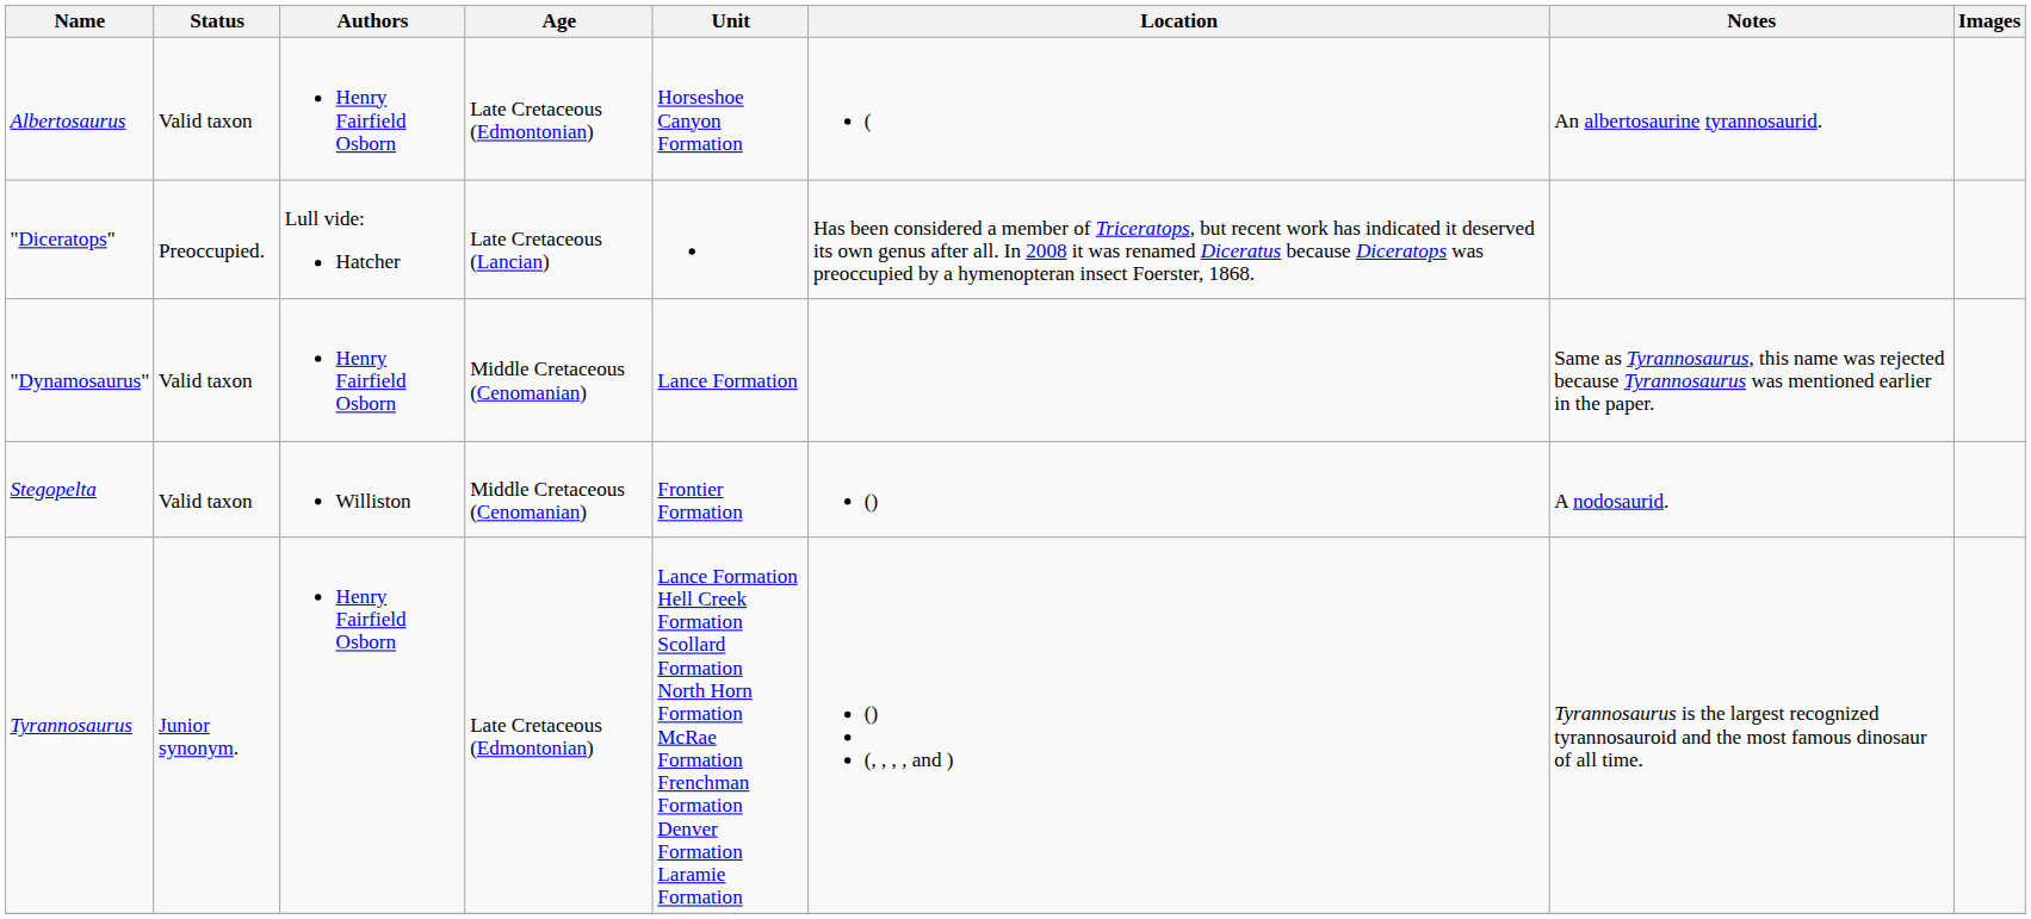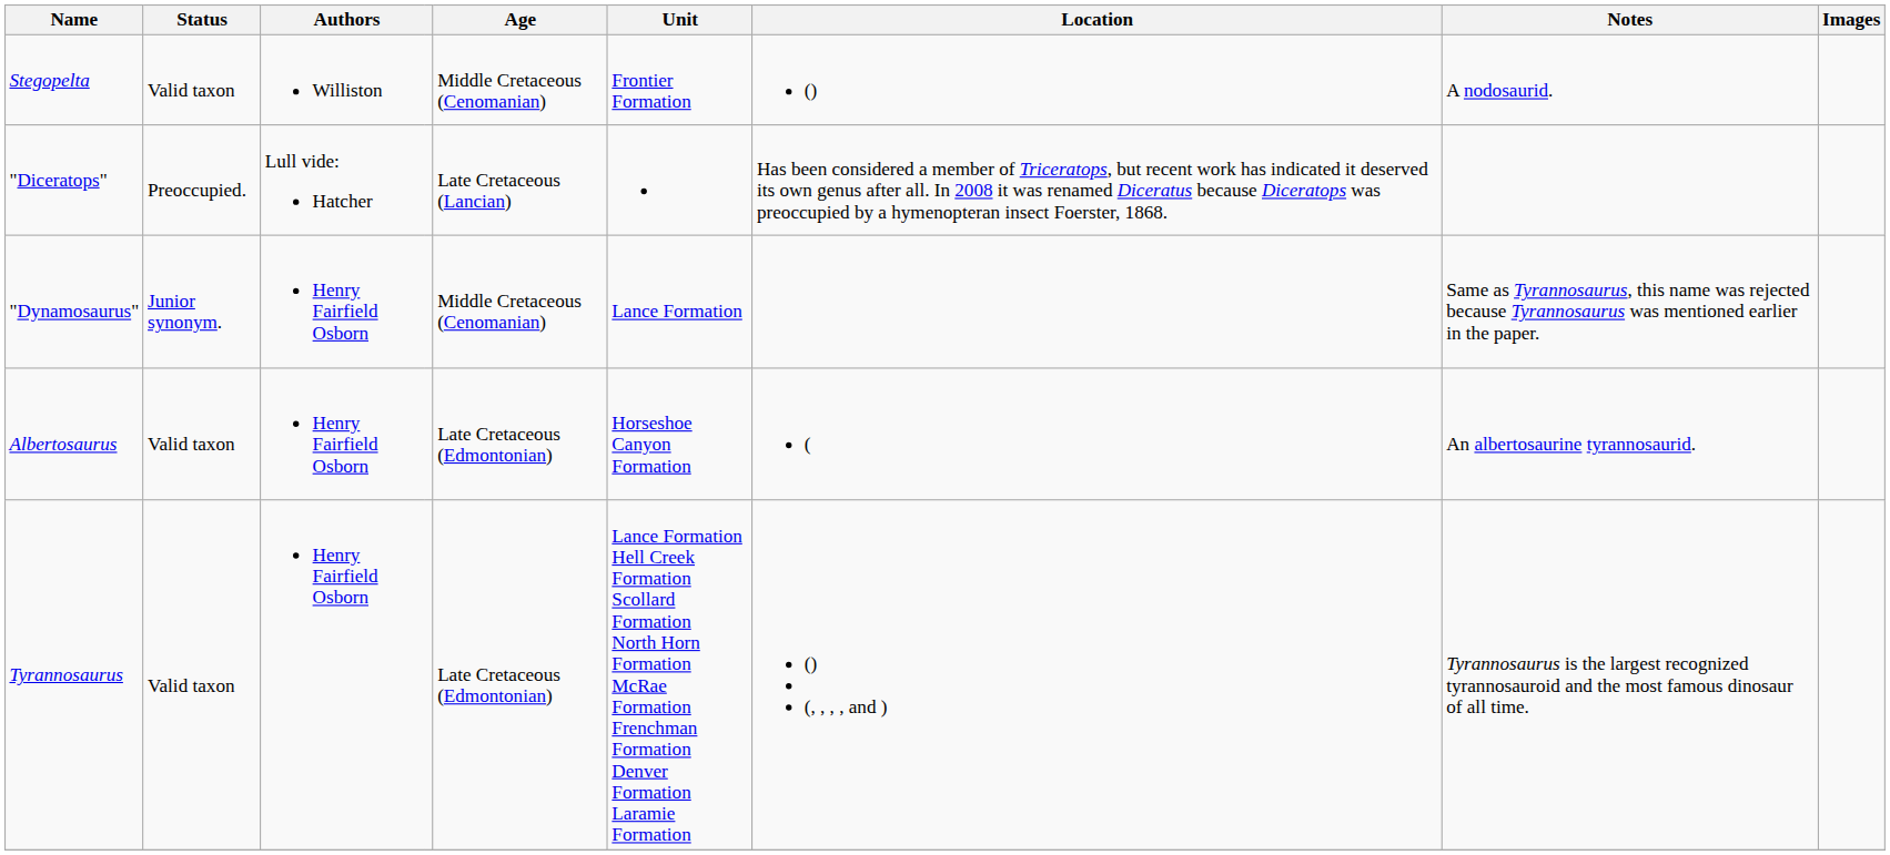 <table class="wikitable sortable" align="center" width="100%">
 <tr>
 <th>Name</th>
 <th>Status</th>
 <th colspan="2">Authors</th>
 <th>Age</th>
 <th>Unit</th>
 <th>Location</th>
 <th class="unsortable">Notes</th>
 <th>Images</th>
 </tr>
 <tr>
-<td><br><em><a href='#'>Albertosaurus</a></em></td>
+<td><em><a href='#'>Stegopelta</a></em></td>
 <td><br>Valid taxon</td>
-<td style="border-right:0px" valign="top"><br><ul><li><a href='#'>Henry Fairfield Osborn</a></li></ul></td>
+<td style="border-right:0px" valign="top"><br><ul><li>Williston</li></ul></td>
 <td style="border-left:0px" valign="top"></td>
-<td><br>Late Cretaceous (<a href='#'>Edmontonian</a>)</td>
-<td><br><a href='#'>Horseshoe Canyon Formation</a></td>
-<td><br><ul><li> (</li></ul></td>
-<td><br>An <a href='#'>albertosaurine</a> <a href='#'>tyrannosaurid</a>.</td>
+<td><br>Middle Cretaceous (<a href='#'>Cenomanian</a>)</td>
+<td><br><a href='#'>Frontier Formation</a></td>
+<td><br><ul><li> ()</li></ul></td>
+<td><br>A <a href='#'>nodosaurid</a>.</td>
 <td></td>
 </tr>
 <tr>
 <td>"<a href='#'>Diceratops</a>"</td>
 <td><br>Preoccupied.</td>
 <td style="border-right:0px" valign="top"><br>Lull vide:<ul><li>Hatcher</li></ul></td>
 <td style="border-left:0px" valign="top"></td>
 <td><br>Late Cretaceous (<a href='#'>Lancian</a>)</td>
 <td><br><ul><li></li></ul></td>
 <td><br>Has been considered a member of <em><a href='#'>Triceratops</a></em>, but recent work has indicated it deserved its own genus after all. In <a href='#'>2008</a> it was renamed <em><a href='#'>Diceratus</a></em> because <em><a href='#'>Diceratops</a></em> was preoccupied by a hymenopteran insect Foerster, 1868.</td>
 <td></td>
 </tr>
 <tr>
 <td><br>"<a href='#'>Dynamosaurus</a>"</td>
-<td><br>Valid taxon</td>
+<td><br><a href='#'>Junior synonym</a>.</td>
 <td style="border-right:0px" valign="top"><br><ul><li><a href='#'>Henry Fairfield Osborn</a></li></ul></td>
 <td style="border-left:0px" valign="top"></td>
 <td><br>Middle Cretaceous (<a href='#'>Cenomanian</a>)</td>
 <td><br><a href='#'>Lance Formation</a></td>
 <td></td>
 <td><br>Same as <em><a href='#'>Tyrannosaurus</a></em>, this name was rejected because <em><a href='#'>Tyrannosaurus</a></em> was mentioned earlier in the paper.</td>
 <td></td>
 </tr>
 <tr>
-<td><em><a href='#'>Stegopelta</a></em></td>
+<td><br><em><a href='#'>Albertosaurus</a></em></td>
 <td><br>Valid taxon</td>
-<td style="border-right:0px" valign="top"><br><ul><li>Williston</li></ul></td>
+<td style="border-right:0px" valign="top"><br><ul><li><a href='#'>Henry Fairfield Osborn</a></li></ul></td>
 <td style="border-left:0px" valign="top"></td>
-<td><br>Middle Cretaceous (<a href='#'>Cenomanian</a>)</td>
-<td><br><a href='#'>Frontier Formation</a></td>
-<td><br><ul><li> ()</li></ul></td>
-<td><br>A <a href='#'>nodosaurid</a>.</td>
+<td><br>Late Cretaceous (<a href='#'>Edmontonian</a>)</td>
+<td><br><a href='#'>Horseshoe Canyon Formation</a></td>
+<td><br><ul><li> (</li></ul></td>
+<td><br>An <a href='#'>albertosaurine</a> <a href='#'>tyrannosaurid</a>.</td>
 <td></td>
 </tr>
 <tr>
 <td><em><a href='#'>Tyrannosaurus</a></em></td>
-<td><br><a href='#'>Junior synonym</a>.</td>
+<td><br>Valid taxon</td>
 <td style="border-right:0px" valign="top"><br><ul><li><a href='#'>Henry Fairfield Osborn</a></li></ul></td>
 <td style="border-left:0px" valign="top"></td>
 <td><br>Late Cretaceous (<a href='#'>Edmontonian</a>)</td>
 <td><br><a href='#'>Lance Formation</a> <br> <a href='#'>Hell Creek Formation</a> <br> <a href='#'>Scollard Formation</a> <br> <a href='#'>North Horn Formation</a> <br> <a href='#'>McRae Formation</a> <br> <a href='#'>Frenchman Formation</a> <br> <a href='#'>Denver Formation</a> <br> <a href='#'>Laramie Formation</a></td>
 <td><br><ul><li> ()</li><li></li><li> (, , , , and )</li></ul></td>
 <td><br><em>Tyrannosaurus</em> is the largest recognized tyrannosauroid and the most famous dinosaur of all time.</td>
 <td></td>
 </tr>
 <tr>
 </tr>
 </table>
